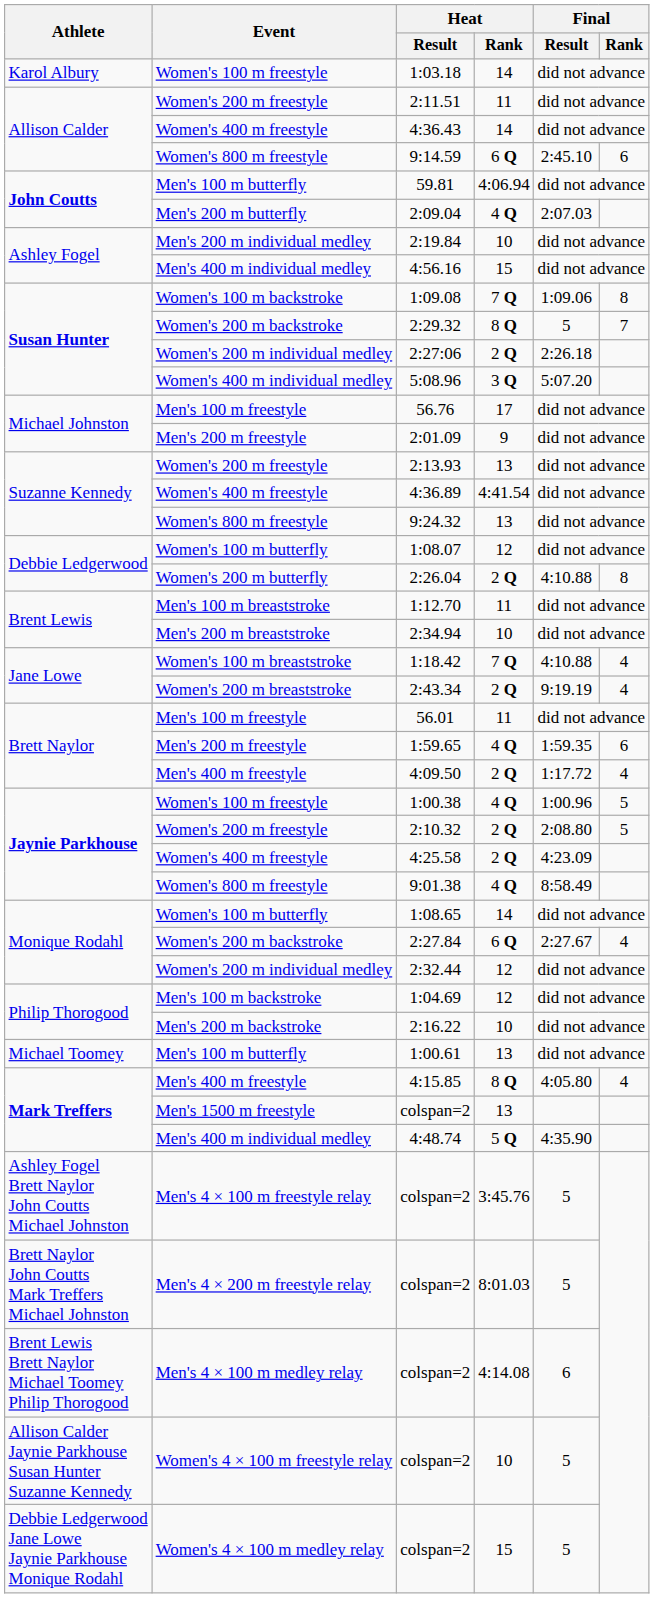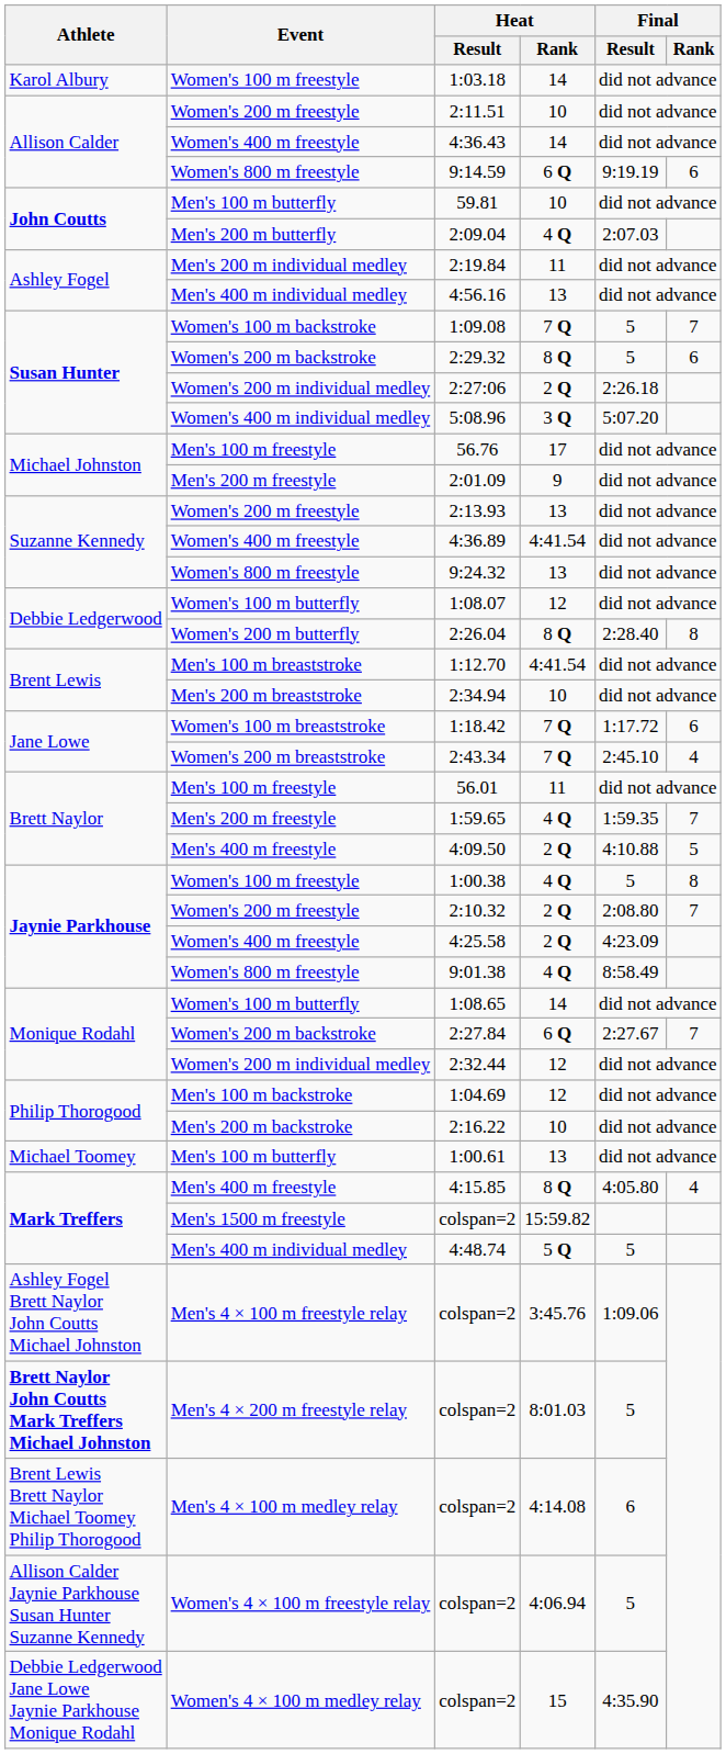 <table class=wikitable style=font-size:90%>
 <tr>
 <th rowspan=2>Athlete</th>
 <th rowspan=2>Event</th>
 <th colspan=2>Heat</th>
 <th colspan=2>Final</th>
 </tr>
 <tr style=font-size:95%>
 <th>Result</th>
 <th>Rank</th>
 <th>Result</th>
 <th>Rank</th>
 </tr>
 <tr align=center>
 <td align=left><a href='#'>Karol Albury</a></td>
 <td align=left><a href='#'>Women's 100 m freestyle</a></td>
 <td>1:03.18</td>
 <td>14</td>
 <td colspan=2>did not advance</td>
 </tr>
 <tr align=center>
 <td align=left rowspan=3><a href='#'>Allison Calder</a></td>
 <td align=left><a href='#'>Women's 200 m freestyle</a></td>
 <td>2:11.51</td>
-<td>11</td>
+<td>10</td>
 <td colspan=2>did not advance</td>
 </tr>
 <tr align=center>
 <td align=left><a href='#'>Women's 400 m freestyle</a></td>
 <td>4:36.43</td>
 <td>14</td>
 <td colspan=2>did not advance</td>
 </tr>
 <tr align=center>
 <td align=left><a href='#'>Women's 800 m freestyle</a></td>
 <td>9:14.59</td>
 <td>6 <strong>Q</strong></td>
-<td>2:45.10</td>
+<td>9:19.19</td>
 <td>6</td>
 </tr>
 <tr align=center>
 <td align=left rowspan=2><strong><a href='#'>John Coutts</a></strong></td>
 <td align=left><a href='#'>Men's 100 m butterfly</a></td>
 <td>59.81</td>
-<td>4:06.94</td>
+<td>10</td>
 <td colspan=2>did not advance</td>
 </tr>
 <tr align=center>
 <td align=left><a href='#'>Men's 200 m butterfly</a></td>
 <td>2:09.04</td>
 <td>4 <strong>Q</strong></td>
 <td>2:07.03</td>
 <td></td>
 </tr>
 <tr align=center>
 <td align=left rowspan=2><a href='#'>Ashley Fogel</a></td>
 <td align=left><a href='#'>Men's 200 m individual medley</a></td>
 <td>2:19.84</td>
-<td>10</td>
+<td>11</td>
 <td colspan=2>did not advance</td>
 </tr>
 <tr align=center>
 <td align=left><a href='#'>Men's 400 m individual medley</a></td>
 <td>4:56.16</td>
-<td>15</td>
+<td>13</td>
 <td colspan=2>did not advance</td>
 </tr>
 <tr align=center>
 <td align=left rowspan=4><strong><a href='#'>Susan Hunter</a></strong></td>
 <td align=left><a href='#'>Women's 100 m backstroke</a></td>
 <td>1:09.08</td>
 <td>7 <strong>Q</strong></td>
-<td>1:09.06</td>
-<td>8</td>
+<td>5</td>
+<td>7</td>
 </tr>
 <tr align=center>
 <td align=left><a href='#'>Women's 200 m backstroke</a></td>
 <td>2:29.32</td>
 <td>8 <strong>Q</strong></td>
 <td>5</td>
-<td>7</td>
+<td>6</td>
 </tr>
 <tr align=center>
 <td align=left><a href='#'>Women's 200 m individual medley</a></td>
 <td>2:27:06</td>
 <td>2 <strong>Q</strong></td>
 <td>2:26.18</td>
 <td></td>
 </tr>
 <tr align=center>
 <td align=left><a href='#'>Women's 400 m individual medley</a></td>
 <td>5:08.96</td>
 <td>3 <strong>Q</strong></td>
 <td>5:07.20</td>
 <td></td>
 </tr>
 <tr align=center>
 <td align=left rowspan=2><a href='#'>Michael Johnston</a></td>
 <td align=left><a href='#'>Men's 100 m freestyle</a></td>
 <td>56.76</td>
 <td>17</td>
 <td colspan=2>did not advance</td>
 </tr>
 <tr align=center>
 <td align=left><a href='#'>Men's 200 m freestyle</a></td>
 <td>2:01.09</td>
 <td>9</td>
 <td colspan=2>did not advance</td>
 </tr>
 <tr align=center>
 <td align=left rowspan=3><a href='#'>Suzanne Kennedy</a></td>
 <td align=left><a href='#'>Women's 200 m freestyle</a></td>
 <td>2:13.93</td>
 <td>13</td>
 <td colspan=2>did not advance</td>
 </tr>
 <tr align=center>
 <td align=left><a href='#'>Women's 400 m freestyle</a></td>
 <td>4:36.89</td>
 <td>4:41.54</td>
 <td colspan=2>did not advance</td>
 </tr>
 <tr align=center>
 <td align=left><a href='#'>Women's 800 m freestyle</a></td>
 <td>9:24.32</td>
 <td>13</td>
 <td colspan=2>did not advance</td>
 </tr>
 <tr align=center>
 <td align=left rowspan=2><a href='#'>Debbie Ledgerwood</a></td>
 <td align=left><a href='#'>Women's 100 m butterfly</a></td>
 <td>1:08.07</td>
 <td>12</td>
 <td colspan=2>did not advance</td>
 </tr>
 <tr align=center>
 <td align=left><a href='#'>Women's 200 m butterfly</a></td>
 <td>2:26.04</td>
-<td>2 <strong>Q</strong></td>
-<td>4:10.88</td>
+<td>8 <strong>Q</strong></td>
+<td>2:28.40</td>
 <td>8</td>
 </tr>
 <tr align=center>
 <td align=left rowspan=2><a href='#'>Brent Lewis</a></td>
 <td align=left><a href='#'>Men's 100 m breaststroke</a></td>
 <td>1:12.70</td>
-<td>11</td>
+<td>4:41.54</td>
 <td colspan=2>did not advance</td>
 </tr>
 <tr align=center>
 <td align=left><a href='#'>Men's 200 m breaststroke</a></td>
 <td>2:34.94</td>
 <td>10</td>
 <td colspan=2>did not advance</td>
 </tr>
 <tr align=center>
 <td align=left rowspan=2><a href='#'>Jane Lowe</a></td>
 <td align=left><a href='#'>Women's 100 m breaststroke</a></td>
 <td>1:18.42</td>
 <td>7 <strong>Q</strong></td>
-<td>4:10.88</td>
-<td>4</td>
+<td>1:17.72</td>
+<td>6</td>
 </tr>
 <tr align=center>
 <td align=left><a href='#'>Women's 200 m breaststroke</a></td>
 <td>2:43.34</td>
-<td>2 <strong>Q</strong></td>
-<td>9:19.19</td>
+<td>7 <strong>Q</strong></td>
+<td>2:45.10</td>
 <td>4</td>
 </tr>
 <tr align=center>
 <td align=left rowspan=3><a href='#'>Brett Naylor</a></td>
 <td align=left><a href='#'>Men's 100 m freestyle</a></td>
 <td>56.01</td>
 <td>11</td>
 <td colspan=2>did not advance</td>
 </tr>
 <tr align=center>
 <td align=left><a href='#'>Men's 200 m freestyle</a></td>
 <td>1:59.65</td>
 <td>4 <strong>Q</strong></td>
 <td>1:59.35</td>
-<td>6</td>
+<td>7</td>
 </tr>
 <tr align=center>
 <td align=left><a href='#'>Men's 400 m freestyle</a></td>
 <td>4:09.50</td>
 <td>2 <strong>Q</strong></td>
-<td>1:17.72</td>
-<td>4</td>
+<td>4:10.88</td>
+<td>5</td>
 </tr>
 <tr align=center>
 <td align=left rowspan=4><strong><a href='#'>Jaynie Parkhouse</a></strong></td>
 <td align=left><a href='#'>Women's 100 m freestyle</a></td>
 <td>1:00.38</td>
 <td>4 <strong>Q</strong></td>
-<td>1:00.96</td>
 <td>5</td>
+<td>8</td>
 </tr>
 <tr align=center>
 <td align=left><a href='#'>Women's 200 m freestyle</a></td>
 <td>2:10.32</td>
 <td>2 <strong>Q</strong></td>
 <td>2:08.80</td>
-<td>5</td>
+<td>7</td>
 </tr>
 <tr align=center>
 <td align=left><a href='#'>Women's 400 m freestyle</a></td>
 <td>4:25.58</td>
 <td>2 <strong>Q</strong></td>
 <td>4:23.09</td>
 <td></td>
 </tr>
 <tr align=center>
 <td align=left><a href='#'>Women's 800 m freestyle</a></td>
 <td>9:01.38</td>
 <td>4 <strong>Q</strong></td>
 <td>8:58.49</td>
 <td></td>
 </tr>
 <tr align=center>
 <td align=left rowspan=3><a href='#'>Monique Rodahl</a></td>
 <td align=left><a href='#'>Women's 100 m butterfly</a></td>
 <td>1:08.65</td>
 <td>14</td>
 <td colspan=2>did not advance</td>
 </tr>
 <tr align=center>
 <td align=left><a href='#'>Women's 200 m backstroke</a></td>
 <td>2:27.84</td>
 <td>6 <strong>Q</strong></td>
 <td>2:27.67</td>
-<td>4</td>
+<td>7</td>
 </tr>
 <tr align=center>
 <td align=left><a href='#'>Women's 200 m individual medley</a></td>
 <td>2:32.44</td>
 <td>12</td>
 <td colspan=2>did not advance</td>
 </tr>
 <tr align=center>
 <td align=left rowspan=2><a href='#'>Philip Thorogood</a></td>
 <td align=left><a href='#'>Men's 100 m backstroke</a></td>
 <td>1:04.69</td>
 <td>12</td>
 <td colspan=2>did not advance</td>
 </tr>
 <tr align=center>
 <td align=left><a href='#'>Men's 200 m backstroke</a></td>
 <td>2:16.22</td>
 <td>10</td>
 <td colspan=2>did not advance</td>
 </tr>
 <tr align=center>
 <td align=left><a href='#'>Michael Toomey</a></td>
 <td align=left><a href='#'>Men's 100 m butterfly</a></td>
 <td>1:00.61</td>
 <td>13</td>
 <td colspan=2>did not advance</td>
 </tr>
 <tr align=center>
 <td align=left rowspan=3><strong><a href='#'>Mark Treffers</a></strong></td>
 <td align=left><a href='#'>Men's 400 m freestyle</a></td>
 <td>4:15.85</td>
 <td>8 <strong>Q</strong></td>
 <td>4:05.80</td>
 <td>4</td>
 </tr>
 <tr align=center>
 <td align=left><a href='#'>Men's 1500 m freestyle</a></td>
 <td>colspan=2 </td>
-<td>13</td>
+<td>15:59.82</td>
 <td></td>
 </tr>
 <tr align=center>
 <td align=left><a href='#'>Men's 400 m individual medley</a></td>
 <td>4:48.74</td>
 <td>5 <strong>Q</strong></td>
-<td>4:35.90</td>
+<td>5</td>
 <td></td>
 </tr>
 <tr align=center>
 <td align=left><a href='#'>Ashley Fogel</a><br><a href='#'>Brett Naylor</a><br><a href='#'>John Coutts</a><br><a href='#'>Michael Johnston</a></td>
 <td align=left><a href='#'>Men's 4 × 100 m freestyle relay</a></td>
 <td>colspan=2 </td>
 <td>3:45.76</td>
-<td>5</td>
+<td>1:09.06</td>
 </tr>
 <tr align=center>
-<td align=left><a href='#'>Brett Naylor</a><br><a href='#'>John Coutts</a><br><a href='#'>Mark Treffers</a><br><a href='#'>Michael Johnston</a></td>
+<td align=left><strong><a href='#'>Brett Naylor</a><br><a href='#'>John Coutts</a><br><a href='#'>Mark Treffers</a><br><a href='#'>Michael Johnston</a></strong></td>
 <td align=left><a href='#'>Men's 4 × 200 m freestyle relay</a></td>
 <td>colspan=2 </td>
 <td>8:01.03</td>
 <td>5</td>
 </tr>
 <tr align=center>
 <td align=left><a href='#'>Brent Lewis</a><br><a href='#'>Brett Naylor</a><br><a href='#'>Michael Toomey</a><br><a href='#'>Philip Thorogood</a></td>
 <td align=left><a href='#'>Men's 4 × 100 m medley relay</a></td>
 <td>colspan=2 </td>
 <td>4:14.08</td>
 <td>6</td>
 </tr>
 <tr align=center>
 <td align=left><a href='#'>Allison Calder</a><br><a href='#'>Jaynie Parkhouse</a><br><a href='#'>Susan Hunter</a><br><a href='#'>Suzanne Kennedy</a></td>
 <td align=left><a href='#'>Women's 4 × 100 m freestyle relay</a></td>
 <td>colspan=2 </td>
-<td>10</td>
+<td>4:06.94</td>
 <td>5</td>
 </tr>
 <tr align=center>
 <td align=left><a href='#'>Debbie Ledgerwood</a><br><a href='#'>Jane Lowe</a><br><a href='#'>Jaynie Parkhouse</a><br><a href='#'>Monique Rodahl</a></td>
 <td align=left><a href='#'>Women's 4 × 100 m medley relay</a></td>
 <td>colspan=2 </td>
 <td>15</td>
-<td>5</td>
+<td>4:35.90</td>
 </tr>
 </table>
